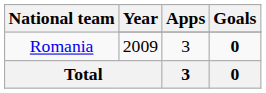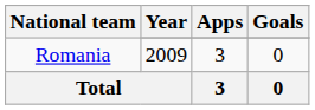 <table class="wikitable" style="text-align: center;">
 <tr>
 <th>National team</th>
 <th>Year</th>
 <th>Apps</th>
 <th>Goals</th>
 </tr>
 <tr>
 <td rowspan="2"><a href='#'>Romania</a></td>
 </tr>
 <tr>
 <td>2009</td>
 <td>3</td>
-<td><strong>0</strong></td>
+<td>0</td>
 </tr>
 <tr>
 <th colspan="2">Total</th>
 <th>3</th>
 <th>0</th>
 </tr>
 </table>
